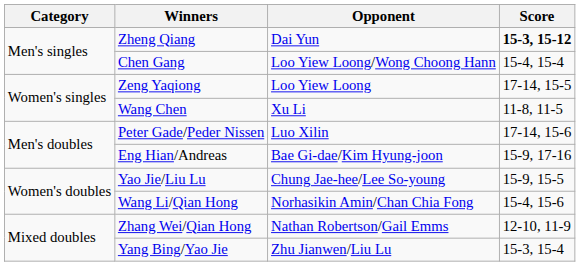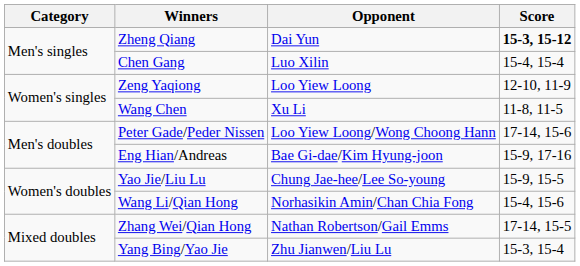 <table class=wikitable style="white-space:nowrap;">
 <tr>
 <th>Category</th>
 <th>Winners</th>
 <th>Opponent</th>
 <th>Score</th>
 </tr>
 <tr>
 <td rowspan=2>Men's singles</td>
 <td> <a href='#'>Zheng Qiang</a></td>
 <td> <a href='#'>Dai Yun</a></td>
 <td><strong>15-3, 15-12</strong></td>
 </tr>
 <tr>
 <td> <a href='#'>Chen Gang</a></td>
-<td> <a href='#'>Loo Yiew Loong</a>/<a href='#'>Wong Choong Hann</a></td>
+<td> <a href='#'>Luo Xilin</a></td>
 <td>15-4, 15-4</td>
 </tr>
 <tr>
 <td rowspan=2>Women's singles</td>
 <td> <a href='#'>Zeng Yaqiong</a></td>
 <td> <a href='#'>Loo Yiew Loong</a></td>
-<td>17-14, 15-5</td>
+<td>12-10, 11-9</td>
 </tr>
 <tr>
 <td> <a href='#'>Wang Chen</a></td>
 <td> <a href='#'>Xu Li</a></td>
 <td>11-8, 11-5</td>
 </tr>
 <tr>
 <td rowspan=2>Men's doubles</td>
 <td> <a href='#'>Peter Gade</a>/<a href='#'>Peder Nissen</a></td>
-<td> <a href='#'>Luo Xilin</a></td>
+<td> <a href='#'>Loo Yiew Loong</a>/<a href='#'>Wong Choong Hann</a></td>
 <td>17-14, 15-6</td>
 </tr>
 <tr>
 <td> <a href='#'>Eng Hian</a>/Andreas</td>
 <td> <a href='#'>Bae Gi-dae</a>/<a href='#'>Kim Hyung-joon</a></td>
 <td>15-9, 17-16</td>
 </tr>
 <tr>
 <td rowspan=2>Women's doubles</td>
 <td> <a href='#'>Yao Jie</a>/<a href='#'>Liu Lu</a></td>
 <td> <a href='#'>Chung Jae-hee</a>/<a href='#'>Lee So-young</a></td>
 <td>15-9, 15-5</td>
 </tr>
 <tr>
 <td> <a href='#'>Wang Li</a>/<a href='#'>Qian Hong</a></td>
 <td> <a href='#'>Norhasikin Amin</a>/<a href='#'>Chan Chia Fong</a></td>
 <td>15-4, 15-6</td>
 </tr>
 <tr>
 <td rowspan=2>Mixed doubles</td>
 <td> <a href='#'>Zhang Wei</a>/<a href='#'>Qian Hong</a></td>
 <td> <a href='#'>Nathan Robertson</a>/<a href='#'>Gail Emms</a></td>
-<td>12-10, 11-9</td>
+<td>17-14, 15-5</td>
 </tr>
 <tr>
 <td> <a href='#'>Yang Bing</a>/<a href='#'>Yao Jie</a></td>
 <td> <a href='#'>Zhu Jianwen</a>/<a href='#'>Liu Lu</a></td>
 <td>15-3, 15-4</td>
 </tr>
 </table>
